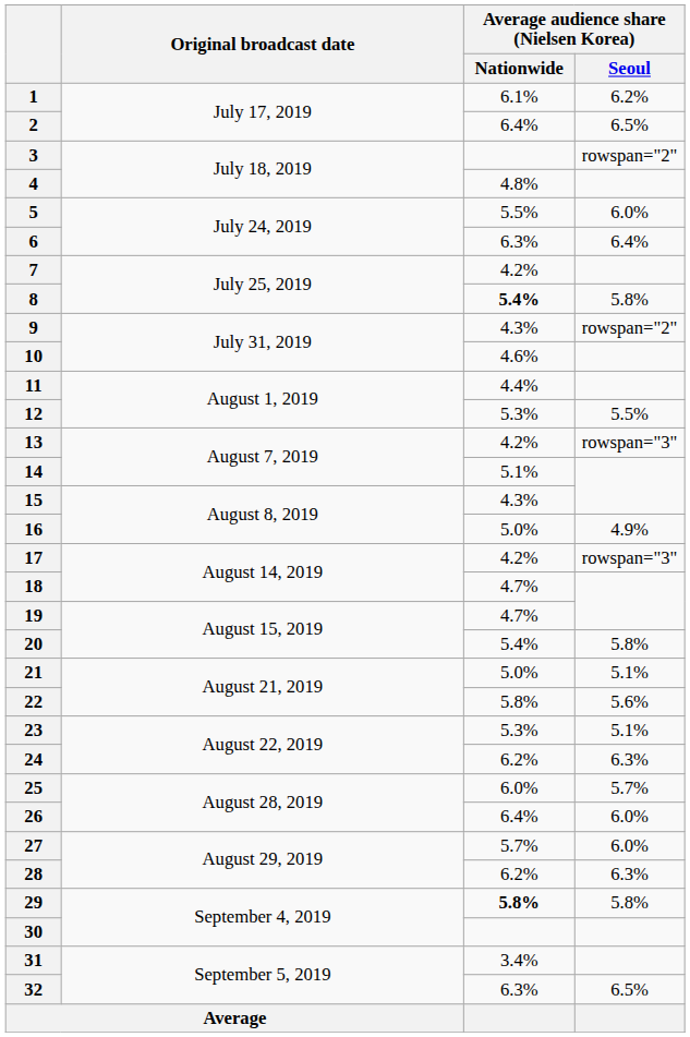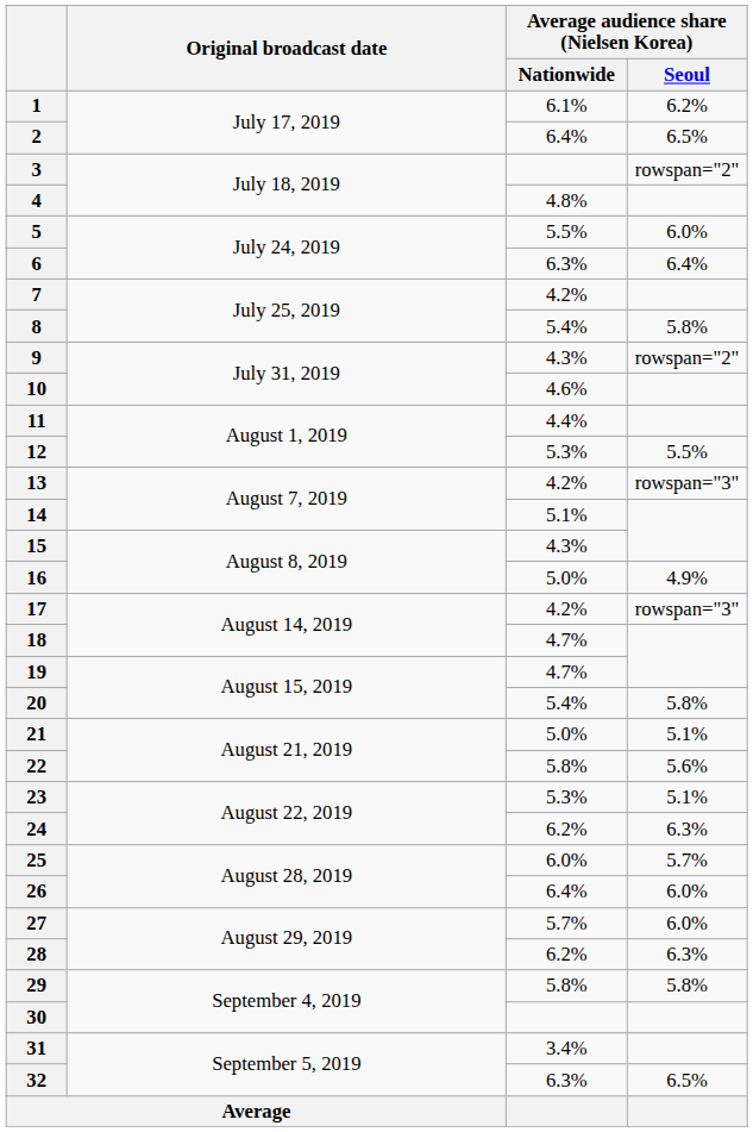 <table class="wikitable" style="margin-left:auto; margin-right:auto; width:600px; text-align:center">
 <tr>
 <th rowspan="2"></th>
 <th rowspan="2">Original broadcast date</th>
 <th colspan="2">Average audience share<br>(Nielsen Korea)</th>
 </tr>
 <tr>
 <th width="90">Nationwide</th>
 <th width="90"><a href='#'>Seoul</a></th>
 </tr>
 <tr>
 <th>1</th>
 <td rowspan="2">July 17, 2019</td>
 <td>6.1% </td>
 <td>6.2% </td>
 </tr>
 <tr>
 <th>2</th>
 <td>6.4% </td>
 <td>6.5% </td>
 </tr>
 <tr>
 <th>3</th>
 <td rowspan="2">July 18, 2019</td>
 <td> </td>
 <td>rowspan="2" </td>
 </tr>
 <tr>
 <th>4</th>
 <td>4.8% </td>
 </tr>
 <tr>
 <th>5</th>
 <td rowspan="2">July 24, 2019</td>
 <td>5.5% </td>
 <td>6.0% </td>
 </tr>
 <tr>
 <th>6</th>
 <td>6.3% </td>
 <td>6.4% </td>
 </tr>
 <tr>
 <th>7</th>
 <td rowspan="2">July 25, 2019</td>
 <td>4.2% </td>
 <td></td>
 </tr>
 <tr>
 <th>8</th>
-<td><strong>5.4% </strong></td>
+<td>5.4% </td>
 <td>5.8% </td>
 </tr>
 <tr>
 <th>9</th>
 <td rowspan="2">July 31, 2019</td>
 <td>4.3% </td>
 <td>rowspan="2" </td>
 </tr>
 <tr>
 <th>10</th>
 <td>4.6% </td>
 </tr>
 <tr>
 <th>11</th>
 <td rowspan="2">August 1, 2019</td>
 <td>4.4% </td>
 <td> </td>
 </tr>
 <tr>
 <th>12</th>
 <td>5.3% </td>
 <td>5.5% </td>
 </tr>
 <tr>
 <th>13</th>
 <td rowspan="2">August 7, 2019</td>
 <td>4.2% </td>
 <td>rowspan="3" </td>
 </tr>
 <tr>
 <th>14</th>
 <td>5.1% </td>
 </tr>
 <tr>
 <th>15</th>
 <td rowspan="2">August 8, 2019</td>
 <td>4.3% </td>
 </tr>
 <tr>
 <th>16</th>
 <td>5.0% </td>
 <td>4.9% </td>
 </tr>
 <tr>
 <th>17</th>
 <td rowspan="2">August 14, 2019</td>
 <td>4.2% </td>
 <td>rowspan="3" </td>
 </tr>
 <tr>
 <th>18</th>
 <td>4.7% </td>
 </tr>
 <tr>
 <th>19</th>
 <td rowspan="2">August 15, 2019</td>
 <td>4.7% </td>
 </tr>
 <tr>
 <th>20</th>
 <td>5.4% </td>
 <td>5.8% </td>
 </tr>
 <tr>
 <th>21</th>
 <td rowspan="2">August 21, 2019</td>
 <td>5.0% </td>
 <td>5.1% </td>
 </tr>
 <tr>
 <th>22</th>
 <td>5.8% </td>
 <td>5.6% </td>
 </tr>
 <tr>
 <th>23</th>
 <td rowspan="2">August 22, 2019</td>
 <td>5.3% </td>
 <td>5.1% </td>
 </tr>
 <tr>
 <th>24</th>
 <td>6.2% </td>
 <td>6.3% </td>
 </tr>
 <tr>
 <th>25</th>
 <td rowspan="2">August 28, 2019</td>
 <td>6.0% </td>
 <td>5.7% </td>
 </tr>
 <tr>
 <th>26</th>
 <td>6.4% </td>
 <td>6.0% </td>
 </tr>
 <tr>
 <th>27</th>
 <td rowspan="2">August 29, 2019</td>
 <td>5.7% </td>
 <td>6.0% </td>
 </tr>
 <tr>
 <th>28</th>
 <td>6.2% </td>
 <td>6.3% </td>
 </tr>
 <tr>
 <th>29</th>
 <td rowspan="2">September 4, 2019</td>
-<td><strong>5.8% </strong></td>
+<td>5.8% </td>
 <td>5.8% </td>
 </tr>
 <tr>
 <th>30</th>
 <td> </td>
 <td> </td>
 </tr>
 <tr>
 <th>31</th>
 <td rowspan="2">September 5, 2019</td>
 <td>3.4% </td>
 <td></td>
 </tr>
 <tr>
 <th>32</th>
 <td>6.3% </td>
 <td>6.5% </td>
 </tr>
 <tr>
 <th colspan="2">Average</th>
 <th></th>
 <th></th>
 </tr>
 </table>
